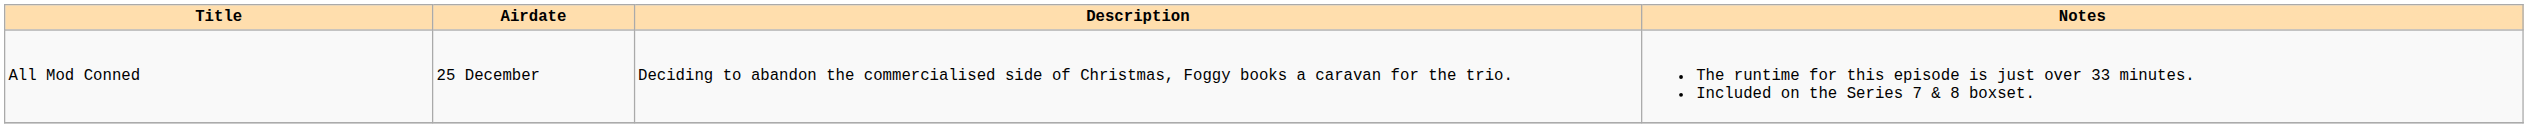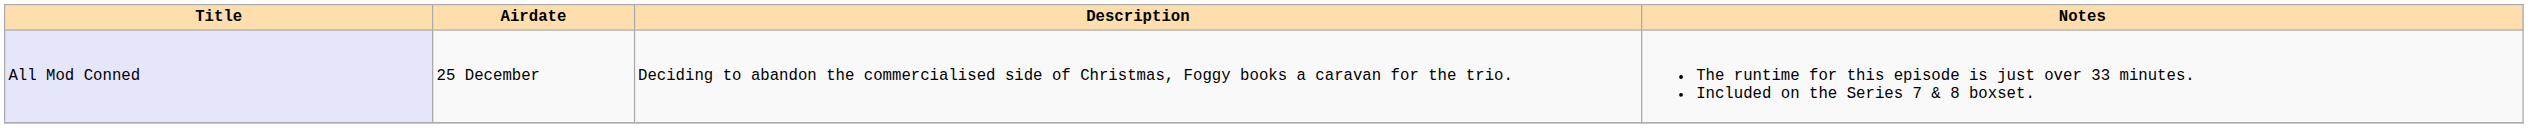 <table class="wikitable" width=100% border=1 style="font-size: 95%">
 <tr>
 <th style="background:#ffdead" width=17%>Title</th>
 <th style="background:#ffdead" width=8%>Airdate</th>
 <th style="background:#ffdead" width=40%>Description</th>
 <th style="background:#ffdead" width=35%>Notes</th>
 </tr>
 <tr>
-<td>All Mod Conned</td>
+<td style="background: lavender;">All Mod Conned</td>
 <td>25 December</td>
 <td>Deciding to abandon the commercialised side of Christmas, Foggy books a caravan for the trio.</td>
 <td><br><ul><li>The runtime for this episode is just over 33 minutes.</li><li>Included on the Series 7 & 8 boxset.</li></ul></td>
 </tr>
 <tr>
 </tr>
 </table>
